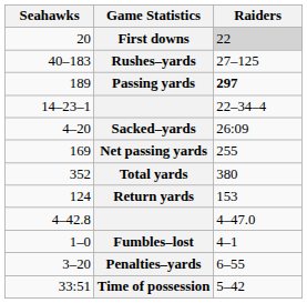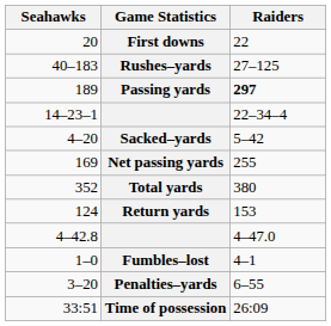 <table class="wikitable" style="margin: 1em auto 1em auto">
 <tr>
 <th style="width:30%;">Seahawks</th>
 <th style="width:40%;">Game Statistics</th>
 <th style="width:30%;">Raiders</th>
 </tr>
 <tr>
 <td style="text-align:right;">20</td>
 <th>First downs</th>
-<td style="background: lightgrey;">22</td>
+<td>22</td>
 </tr>
 <tr>
 <td style="text-align:right;">40–183</td>
 <th>Rushes–yards</th>
 <td>27–125</td>
 </tr>
 <tr>
 <td style="text-align:right;">189</td>
 <th>Passing yards</th>
 <td><strong>297</strong></td>
 </tr>
 <tr>
 <td style="text-align:right;">14–23–1</td>
 <th></th>
 <td>22–34–4</td>
 </tr>
 <tr>
 <td style="text-align:right;">4–20</td>
 <th>Sacked–yards</th>
-<td>26:09</td>
+<td>5–42</td>
 </tr>
 <tr>
 <td style="text-align:right;">169</td>
 <th>Net passing yards</th>
 <td>255</td>
 </tr>
 <tr>
 <td style="text-align:right;">352</td>
 <th>Total yards</th>
 <td>380</td>
 </tr>
 <tr>
 <td style="text-align:right;">124</td>
 <th>Return yards</th>
 <td>153</td>
 </tr>
 <tr>
 <td style="text-align:right;">4–42.8</td>
 <th></th>
 <td>4–47.0</td>
 </tr>
 <tr>
 <td style="text-align:right;">1–0</td>
 <th>Fumbles–lost</th>
 <td>4–1</td>
 </tr>
 <tr>
 <td style="text-align:right;">3–20</td>
 <th>Penalties–yards</th>
 <td>6–55</td>
 </tr>
 <tr>
 <td style="text-align:right;">33:51</td>
 <th>Time of possession</th>
-<td>5–42</td>
+<td>26:09</td>
 </tr>
 </table>
